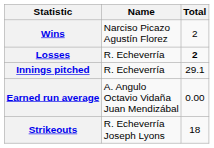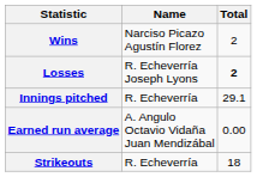 <table class="wikitable plainrowheaders">
 <tr>
 <th scope="col">Statistic</th>
 <th scope="col">Name</th>
 <th scope="col">Total</th>
 </tr>
 <tr>
 <th scope="row"><a href='#'>Wins</a></th>
 <td> Narciso Picazo<br> Agustín Florez</td>
 <td align=center>2</td>
 </tr>
 <tr>
 <th scope="row"><a href='#'>Losses</a></th>
-<td> R. Echeverría</td>
+<td> R. Echeverría<br> Joseph Lyons</td>
 <td align=center><strong>2</strong></td>
 </tr>
 <tr>
 <th scope="row"><a href='#'>Innings pitched</a></th>
 <td> R. Echeverría</td>
 <td align=center>29.1</td>
 </tr>
 <tr>
 <th scope="row"><a href='#'>Earned run average</a></th>
 <td> A. Angulo<br> Octavio Vidaña<br> Juan Mendizábal</td>
 <td align=center>0.00</td>
 </tr>
 <tr>
 <th scope="row" rowspan=2><a href='#'>Strikeouts</a></th>
-<td> R. Echeverría<br> Joseph Lyons</td>
+<td> R. Echeverría</td>
 <td align=center rowspan=2>18</td>
 </tr>
 </table>
